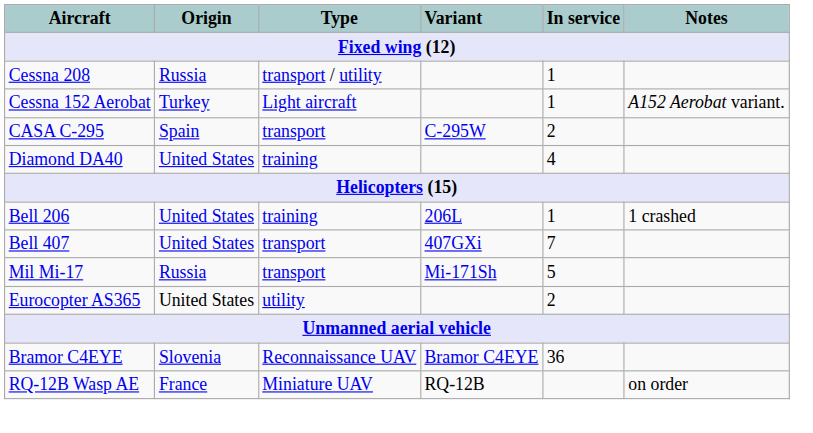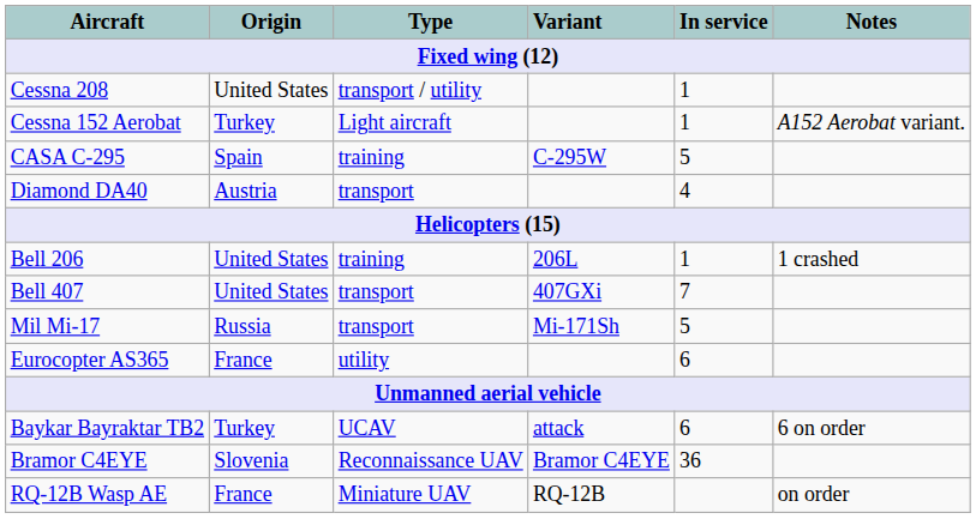 <table class="wikitable">
 <tr>
 <th style="text-align:center; background:#acc;">Aircraft</th>
 <th style="text-align: center; background:#acc;">Origin</th>
 <th style="text-align:l center; background:#acc;">Type</th>
 <th style="text-align:left; background:#acc;">Variant</th>
 <th style="text-align:center; background:#acc;">In service</th>
 <th style="text-align: center; background:#acc;">Notes</th>
 </tr>
 <tr>
 <th style="align: center; background: lavender;" colspan="6"><a href='#'>Fixed wing</a> (12)</th>
 </tr>
 <tr>
 <td><a href='#'>Cessna 208</a></td>
-<td><a href='#'>Russia</a></td>
+<td>United States</td>
 <td><a href='#'>transport</a> / <a href='#'>utility</a></td>
 <td></td>
 <td>1</td>
 <td></td>
 </tr>
 <tr>
 <td><a href='#'>Cessna 152 Aerobat</a></td>
 <td><a href='#'>Turkey</a></td>
 <td><a href='#'>Light aircraft</a></td>
 <td></td>
 <td>1</td>
 <td><em>A152 Aerobat</em> variant.</td>
 </tr>
 <tr>
 <td><a href='#'>CASA C-295</a></td>
 <td><a href='#'>Spain</a></td>
-<td><a href='#'>transport</a></td>
+<td><a href='#'>training</a></td>
 <td><a href='#'>C-295W</a></td>
-<td>2</td>
+<td>5</td>
 <td></td>
 </tr>
 <tr>
 <td><a href='#'>Diamond DA40</a></td>
-<td><a href='#'>United States</a></td>
-<td><a href='#'>training</a></td>
+<td><a href='#'>Austria</a></td>
+<td><a href='#'>transport</a></td>
 <td></td>
 <td>4</td>
 <td></td>
 </tr>
 <tr>
 <th style="align: center; background: lavender;" colspan="6"><a href='#'>Helicopters</a> (15)</th>
 </tr>
 <tr>
 <td><a href='#'>Bell 206</a></td>
 <td><a href='#'>United States</a></td>
 <td><a href='#'>training</a></td>
 <td><a href='#'>206L</a></td>
 <td>1</td>
 <td>1 crashed</td>
 </tr>
 <tr>
 <td><a href='#'>Bell 407</a></td>
 <td><a href='#'>United States</a></td>
 <td><a href='#'>transport</a></td>
 <td><a href='#'>407GXi</a></td>
 <td>7</td>
 <td></td>
 </tr>
 <tr>
 <td><a href='#'>Mil Mi-17</a></td>
 <td><a href='#'>Russia</a></td>
 <td><a href='#'>transport</a></td>
 <td><a href='#'>Mi-171Sh</a></td>
 <td>5</td>
 <td></td>
 </tr>
 <tr>
 <td><a href='#'>Eurocopter AS365</a></td>
-<td>United States</td>
+<td><a href='#'>France</a></td>
 <td><a href='#'>utility</a></td>
 <td></td>
-<td>2</td>
+<td>6</td>
 <td></td>
 </tr>
 <tr>
 <th style="align: center; background: lavender;" colspan="6"><a href='#'>Unmanned aerial vehicle</a></th>
+</tr>
+<tr>
+<td><a href='#'>Baykar Bayraktar TB2</a></td>
+<td><a href='#'>Turkey</a></td>
+<td><a href='#'>UCAV</a></td>
+<td><a href='#'>attack</a></td>
+<td>6</td>
+<td>6 on order</td>
 </tr>
 <tr>
 <td><a href='#'>Bramor C4EYE</a></td>
 <td><a href='#'>Slovenia</a></td>
 <td><a href='#'>Reconnaissance UAV</a></td>
 <td><a href='#'>Bramor C4EYE</a></td>
 <td>36</td>
 <td></td>
 </tr>
 <tr>
 <td><a href='#'>RQ-12B Wasp AE</a></td>
 <td><a href='#'>France</a></td>
 <td><a href='#'>Miniature UAV</a></td>
 <td>RQ-12B</td>
 <td></td>
 <td>on order</td>
 </tr>
 </table>
